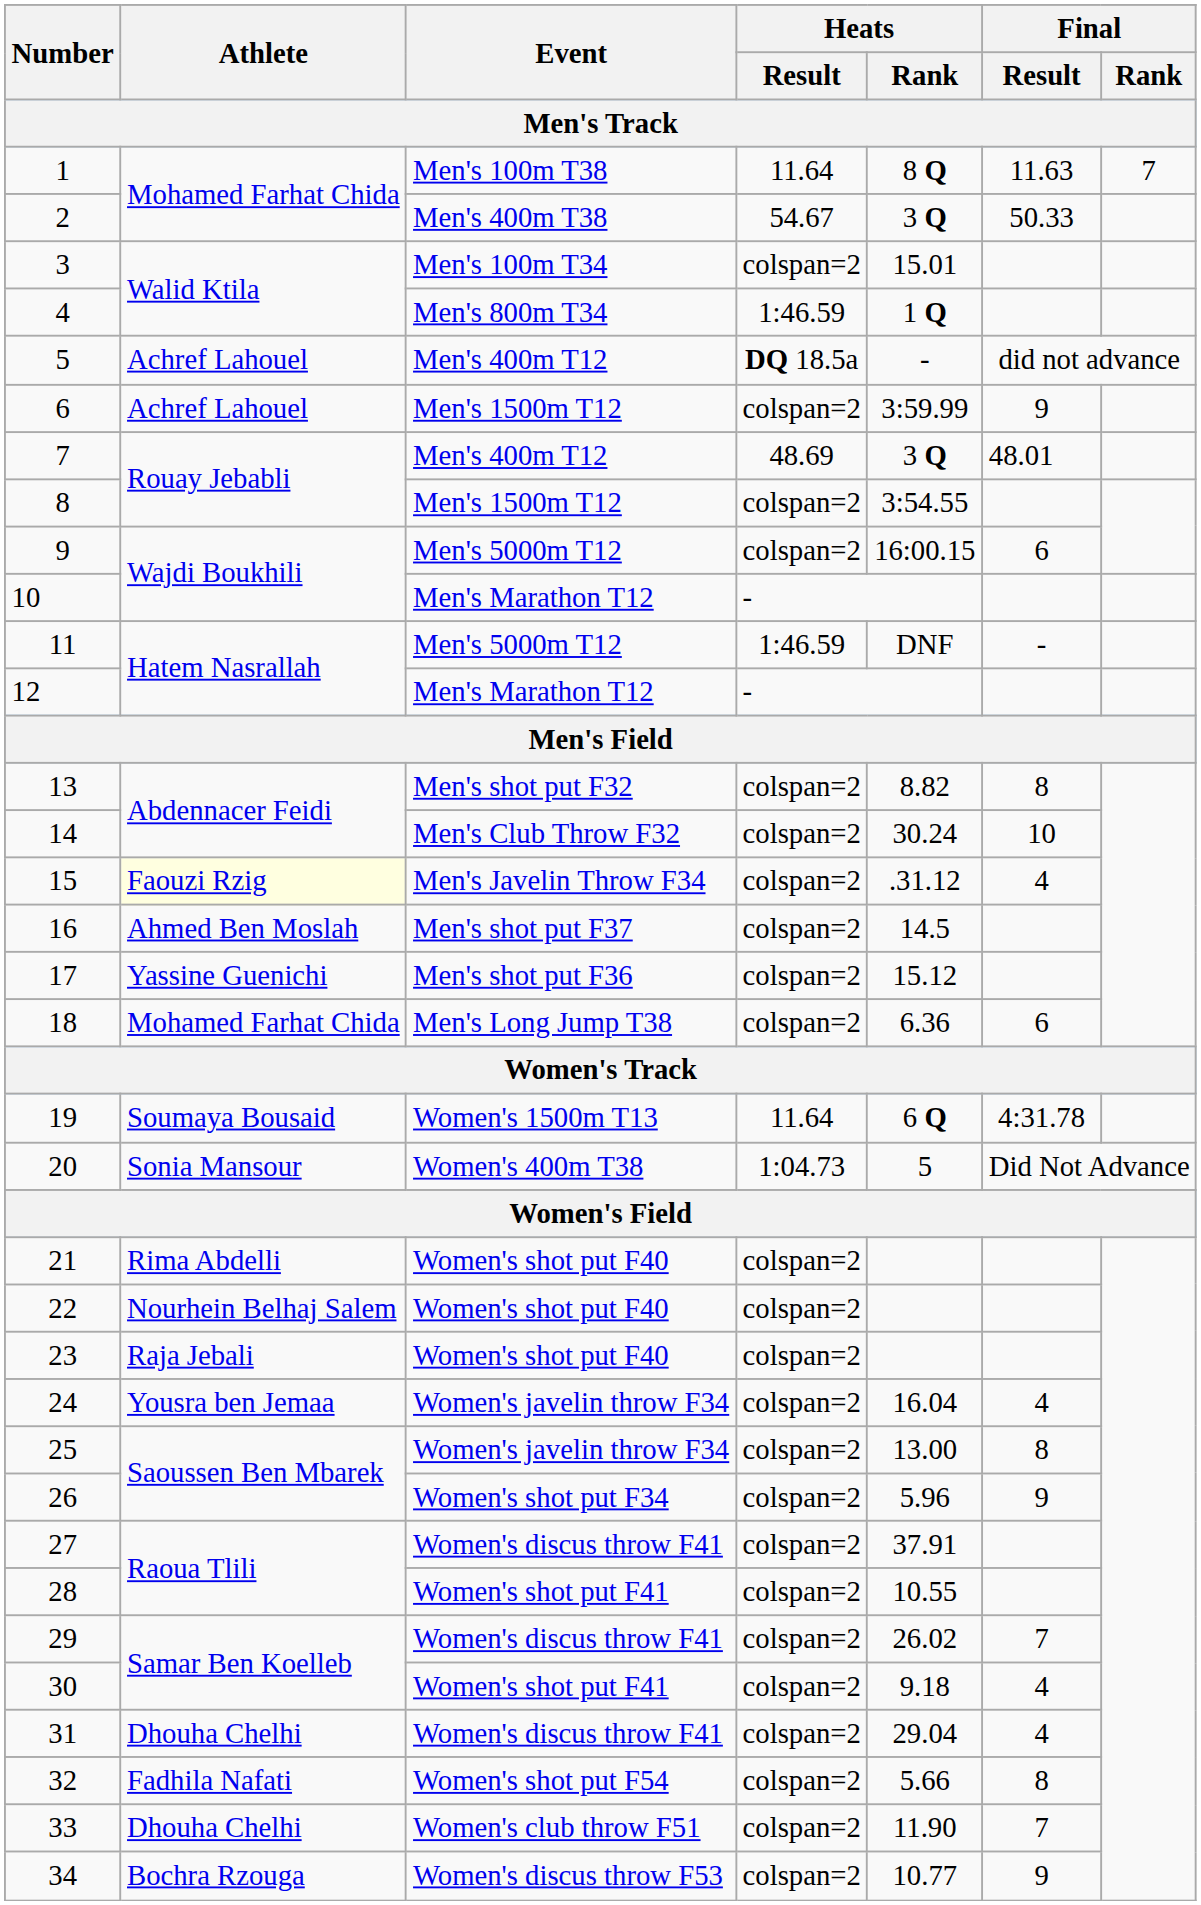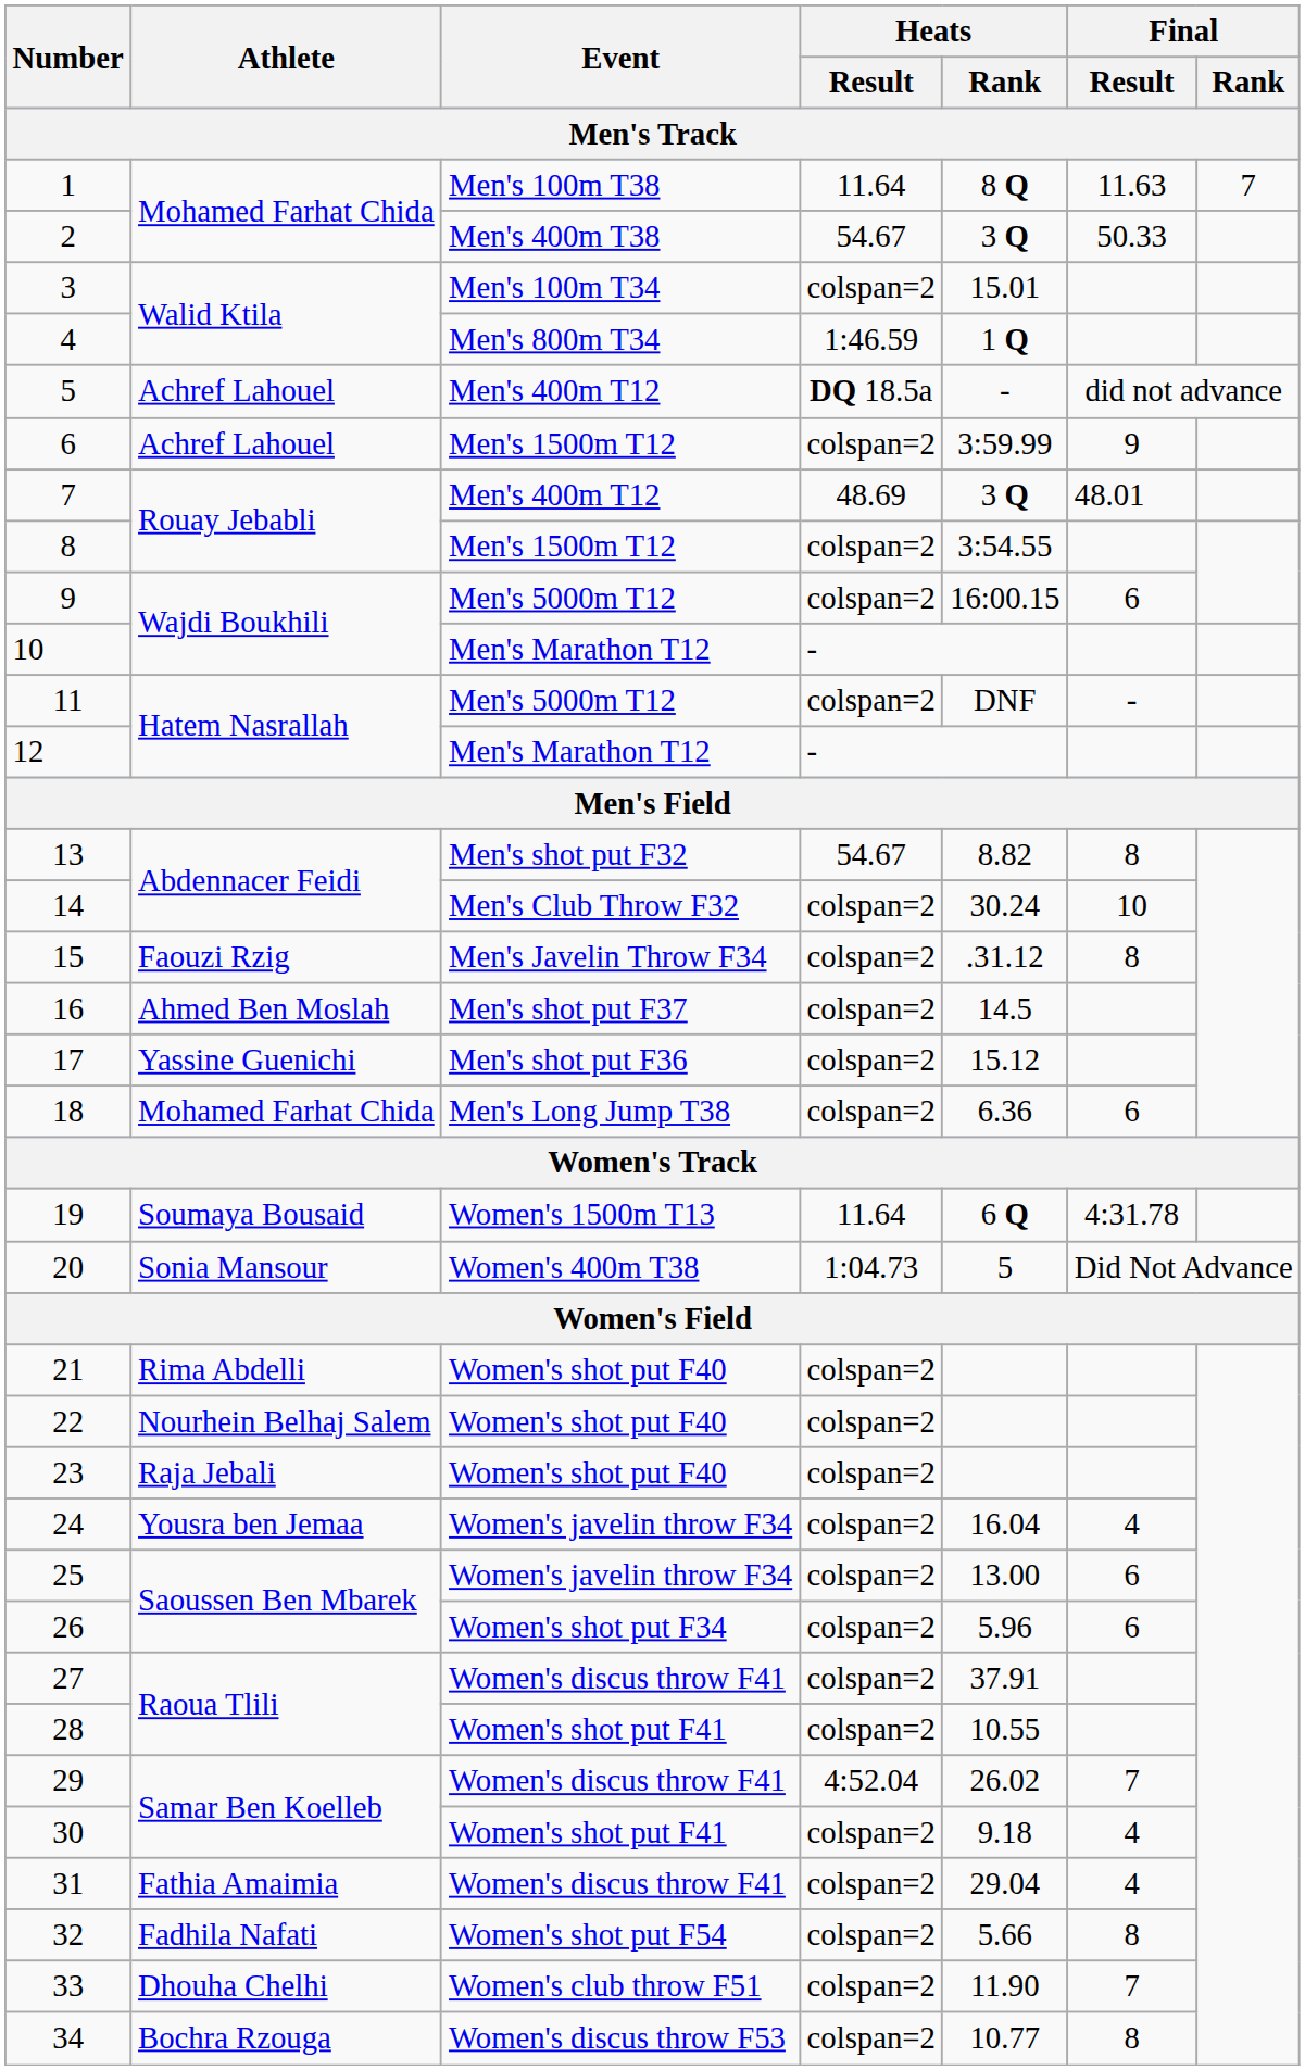 <table class=wikitable style="font-size:95%">
 <tr>
 <th rowspan="2">Number</th>
 <th rowspan="2">Athlete</th>
 <th rowspan="2">Event</th>
 <th colspan="2">Heats</th>
 <th colspan="2">Final</th>
 </tr>
 <tr>
 <th>Result</th>
 <th>Rank</th>
 <th>Result</th>
 <th>Rank</th>
 </tr>
 <tr style="background:#9acdff;">
 <th colspan=7>Men's Track</th>
 </tr>
 <tr>
 <td align=center>1</td>
 <td rowspan="2"><a href='#'>Mohamed Farhat Chida</a></td>
 <td><a href='#'>Men's 100m T38</a></td>
 <td align=center>11.64</td>
 <td align=center>8 <strong>Q</strong></td>
 <td align=center>11.63</td>
 <td align=center>7</td>
 </tr>
 <tr>
 <td align=center>2</td>
 <td><a href='#'>Men's 400m T38</a></td>
 <td align=center>54.67</td>
 <td align=center>3 <strong>Q</strong></td>
 <td align=center>50.33</td>
 <td align=center></td>
 </tr>
 <tr>
 <td align=center>3</td>
 <td rowspan="2"><a href='#'>Walid Ktila</a></td>
 <td><a href='#'>Men's 100m T34</a></td>
 <td>colspan=2 </td>
 <td align=center>15.01 </td>
 <td align=center></td>
 </tr>
 <tr>
 <td align=center>4</td>
 <td><a href='#'>Men's 800m T34</a></td>
 <td align=center>1:46.59</td>
 <td align=center>1 <strong>Q</strong></td>
 <td align=center></td>
 <td align=center></td>
 </tr>
 <tr align=center>
 <td align=center>5</td>
 <td align=left><a href='#'>Achref Lahouel</a></td>
 <td align=left><a href='#'>Men's 400m T12</a></td>
 <td align=center><strong>DQ</strong>  18.5a</td>
 <td align=center>-</td>
 <td colspan=2>did not advance</td>
 </tr>
 <tr>
 <td align=center>6</td>
 <td align=left><a href='#'>Achref Lahouel</a></td>
 <td><a href='#'>Men's 1500m T12</a></td>
 <td>colspan=2 </td>
 <td align=center>3:59.99</td>
 <td align=center>9</td>
 </tr>
 <tr>
 <td align=center>7</td>
 <td rowspan="2"><a href='#'>Rouay Jebabli</a></td>
 <td><a href='#'>Men's 400m T12</a></td>
 <td align=center>48.69 </td>
 <td align=center>3 <strong>Q</strong></td>
 <td>48.01 </td>
 <td></td>
 </tr>
 <tr>
 <td align=center>8</td>
 <td><a href='#'>Men's 1500m T12</a></td>
 <td>colspan=2 </td>
 <td align=center>3:54.55 </td>
 <td align=center></td>
 </tr>
 <tr>
 <td align=center>9</td>
 <td rowspan="2"><a href='#'>Wajdi Boukhili</a></td>
 <td><a href='#'>Men's 5000m T12</a></td>
 <td>colspan=2 </td>
 <td align=center>16:00.15</td>
 <td align=center>6</td>
 </tr>
 <tr>
 <td>10</td>
 <td><a href='#'>Men's Marathon T12</a></td>
 <td colspan="2">-</td>
 <td></td>
 <td></td>
 </tr>
 <tr>
 <td align="center">11</td>
 <td rowspan="2"><a href='#'>Hatem Nasrallah</a></td>
 <td><a href='#'>Men's 5000m T12</a></td>
-<td align=center>1:46.59</td>
+<td>colspan=2 </td>
 <td align="center">DNF</td>
 <td align="center">-</td>
 </tr>
 <tr>
 <td>12</td>
 <td><a href='#'>Men's Marathon T12</a></td>
 <td colspan="2">-</td>
 <td></td>
 <td></td>
 </tr>
 <tr style="background:#9acdff;">
 <th colspan=7>Men's Field</th>
 </tr>
 <tr>
 <td align=center>13</td>
 <td rowspan="2"><a href='#'>Abdennacer Feidi</a></td>
 <td><a href='#'>Men's shot put F32</a></td>
-<td>colspan=2 </td>
+<td align=center>54.67</td>
 <td align=center>8.82</td>
 <td align=center>8</td>
 </tr>
 <tr>
 <td align=center>14</td>
 <td><a href='#'>Men's Club Throw F32</a></td>
 <td>colspan=2 </td>
 <td align=center>30.24</td>
 <td align=center>10</td>
 </tr>
 <tr>
 <td align=center>15</td>
-<td style="background: lightyellow;"><a href='#'>Faouzi Rzig</a></td>
+<td><a href='#'>Faouzi Rzig</a></td>
 <td><a href='#'>Men's Javelin Throw F34</a></td>
 <td>colspan=2 </td>
 <td align=center>.31.12</td>
-<td align=center>4</td>
+<td align=center>8</td>
 </tr>
 <tr>
 <td align=center>16</td>
 <td><a href='#'>Ahmed Ben Moslah</a></td>
 <td><a href='#'>Men's shot put F37</a></td>
 <td>colspan=2 </td>
 <td align=center>14.5 </td>
 <td align=center></td>
 </tr>
 <tr>
 <td align=center>17</td>
 <td><a href='#'>Yassine Guenichi</a></td>
 <td><a href='#'>Men's shot put F36</a></td>
 <td>colspan=2 </td>
 <td align=center>15.12</td>
 <td align=center></td>
 </tr>
 <tr>
 <td align=center>18</td>
 <td><a href='#'>Mohamed Farhat Chida</a></td>
 <td><a href='#'>Men's Long Jump T38</a></td>
 <td>colspan=2 </td>
 <td align=center>6.36</td>
 <td align=center>6</td>
 </tr>
 <tr style="background:#9acdff;">
 <th colspan=7>Women's Track</th>
 </tr>
 <tr>
 <td align="center">19</td>
 <td><a href='#'>Soumaya Bousaid</a></td>
 <td><a href='#'>Women's 1500m T13</a></td>
 <td align=center>11.64</td>
 <td align="center">6 <strong>Q</strong></td>
 <td align="center">4:31.78</td>
 <td align="center"></td>
 </tr>
 <tr>
 <td align="center">20</td>
 <td><a href='#'>Sonia Mansour</a></td>
 <td><a href='#'>Women's 400m T38</a></td>
 <td align="center">1:04.73</td>
 <td align="center">5</td>
 <td colspan="2" align="center">Did Not Advance</td>
 </tr>
 <tr style="background:#9acdff;">
 <th colspan=7>Women's Field</th>
 </tr>
 <tr>
 <td align=center>21</td>
 <td><a href='#'>Rima Abdelli</a></td>
 <td><a href='#'>Women's shot put F40</a></td>
 <td>colspan=2 </td>
 <td align=center></td>
 <td align=center></td>
 </tr>
 <tr>
 <td align=center>22</td>
 <td><a href='#'>Nourhein Belhaj Salem</a></td>
 <td><a href='#'>Women's shot put F40</a></td>
 <td>colspan=2 </td>
 <td align=center></td>
 <td align=center></td>
 </tr>
 <tr>
 <td align=center>23</td>
 <td><a href='#'>Raja Jebali</a></td>
 <td><a href='#'>Women's shot put F40</a></td>
 <td>colspan=2 </td>
 <td align=center></td>
 <td align=center></td>
 </tr>
 <tr>
 <td align=center>24</td>
 <td><a href='#'>Yousra ben Jemaa</a></td>
 <td><a href='#'>Women's javelin throw F34</a></td>
 <td>colspan=2 </td>
 <td align=center>16.04</td>
 <td align=center>4</td>
 </tr>
 <tr>
 <td align=center>25</td>
 <td rowspan="2"><a href='#'>Saoussen Ben Mbarek</a></td>
 <td><a href='#'>Women's javelin throw F34</a></td>
 <td>colspan=2 </td>
 <td align=center>13.00 </td>
-<td align=center>8</td>
+<td align=center>6</td>
 </tr>
 <tr>
 <td align=center>26</td>
 <td><a href='#'>Women's shot put F34</a></td>
 <td>colspan=2 </td>
 <td align=center>5.96</td>
-<td align=center>9</td>
+<td align=center>6</td>
 </tr>
 <tr>
 <td align=center>27</td>
 <td rowspan="2"><a href='#'>Raoua Tlili</a></td>
 <td><a href='#'>Women's discus throw F41</a></td>
 <td>colspan=2 </td>
 <td align=center>37.91  </td>
 <td align=center></td>
 </tr>
 <tr>
 <td align=center>28</td>
 <td><a href='#'>Women's shot put F41</a></td>
 <td>colspan=2 </td>
 <td align=center>10.55 </td>
 <td align=center></td>
 </tr>
 <tr>
 <td align=center>29</td>
 <td rowspan="2"><a href='#'>Samar Ben Koelleb</a></td>
 <td><a href='#'>Women's discus throw F41</a></td>
-<td>colspan=2 </td>
+<td align="center">4:52.04</td>
 <td align=center>26.02</td>
 <td align=center>7</td>
 </tr>
 <tr>
 <td align=center>30</td>
 <td><a href='#'>Women's shot put F41</a></td>
 <td>colspan=2 </td>
 <td align=center>9.18 </td>
 <td align=center>4</td>
 </tr>
 <tr>
 <td align=center>31</td>
-<td><a href='#'>Dhouha Chelhi</a></td>
+<td><a href='#'>Fathia Amaimia</a></td>
 <td><a href='#'>Women's discus throw F41</a></td>
 <td>colspan=2 </td>
 <td align=center>29.04 </td>
 <td align=center>4</td>
 </tr>
 <tr>
 <td align=center>32</td>
 <td><a href='#'>Fadhila Nafati</a></td>
 <td><a href='#'>Women's shot put F54</a></td>
 <td>colspan=2 </td>
 <td align=center>5.66</td>
 <td align=center>8</td>
 </tr>
 <tr>
 <td align=center>33</td>
 <td><a href='#'>Dhouha Chelhi</a></td>
 <td><a href='#'>Women's club throw F51</a></td>
 <td>colspan=2 </td>
 <td align=center>11.90</td>
 <td align=center>7</td>
 </tr>
 <tr>
 <td align=center>34</td>
 <td><a href='#'>Bochra Rzouga</a></td>
 <td><a href='#'>Women's discus throw F53</a></td>
 <td>colspan=2 </td>
 <td align=center>10.77</td>
-<td align=center>9</td>
+<td align=center>8</td>
 </tr>
 </table>
